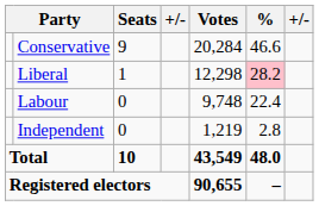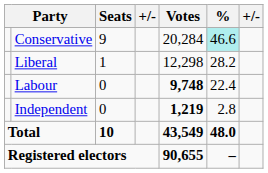 <table class="wikitable sortable">
 <tr>
 <th colspan="2">Party</th>
 <th>Seats</th>
 <th>+/-</th>
 <th>Votes</th>
 <th>%</th>
 <th>+/-</th>
 </tr>
 <tr>
 <td style="background-color: "></td>
 <td><a href='#'>Conservative</a></td>
 <td>9</td>
 <td></td>
 <td style="text-align:right;">20,284</td>
-<td style="text-align:right;">46.6</td>
+<td style="background: paleturquoise; text-align:right;">46.6</td>
 <td style="text-align:right;"></td>
 </tr>
 <tr>
 <td style="background-color: "></td>
 <td><a href='#'>Liberal</a></td>
 <td>1</td>
 <td></td>
 <td style="text-align:right;">12,298</td>
-<td style="background: pink; text-align:right;">28.2</td>
+<td style="text-align:right;">28.2</td>
 <td style="text-align:right;"></td>
 </tr>
 <tr>
 <td style="background-color: "></td>
 <td><a href='#'>Labour</a></td>
 <td>0</td>
 <td></td>
-<td style="text-align:right;">9,748</td>
+<td style="text-align:right;"><strong>9,748</strong></td>
 <td style="text-align:right;">22.4</td>
 <td style="text-align:right;"></td>
 </tr>
 <tr>
 <td style="background-color: "></td>
 <td><a href='#'>Independent</a></td>
 <td>0</td>
 <td></td>
-<td style="text-align:right;">1,219</td>
+<td style="text-align:right;"><strong>1,219</strong></td>
 <td style="text-align:right;">2.8</td>
 <td style="text-align:right;"></td>
 </tr>
 <tr>
 <td colspan="2"><strong>Total</strong></td>
 <td><strong>10</strong></td>
 <td></td>
 <td style="text-align:right;"><strong>43,549</strong></td>
 <td style="text-align:right;"><strong>48.0</strong></td>
 <td style="text-align:right;"></td>
 </tr>
 <tr>
 <td colspan="4"><strong>Registered electors</strong></td>
 <td style="text-align:right;"><strong>90,655</strong></td>
 <td style="text-align:right;"><strong>–</strong></td>
 <td style="text-align:right;"></td>
 </tr>
 </table>
